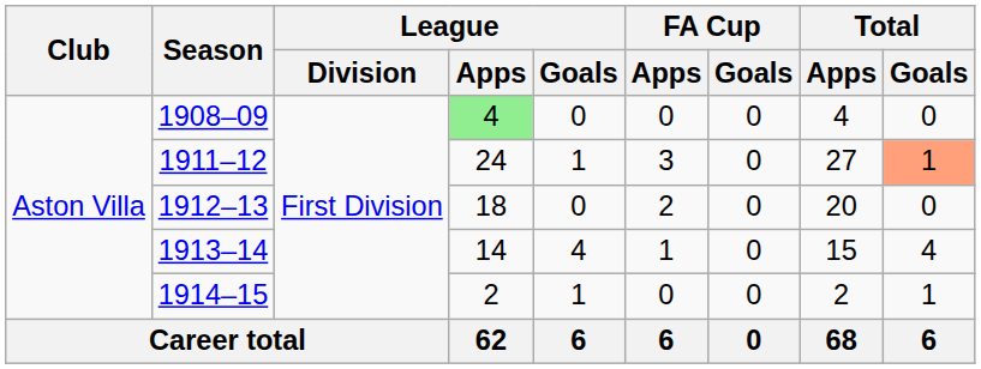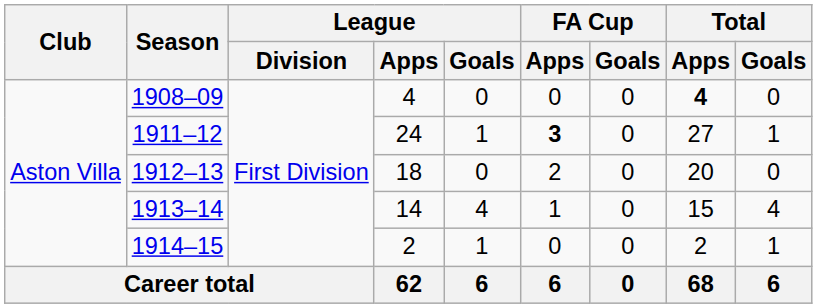 <table class="wikitable" style="text-align: center;">
 <tr>
 <th rowspan="2">Club</th>
 <th rowspan="2">Season</th>
 <th colspan="3">League</th>
 <th colspan="2">FA Cup</th>
 <th colspan="2">Total</th>
 </tr>
 <tr>
 <th>Division</th>
 <th>Apps</th>
 <th>Goals</th>
 <th>Apps</th>
 <th>Goals</th>
 <th>Apps</th>
 <th>Goals</th>
 </tr>
 <tr>
 <td rowspan="5"><a href='#'>Aston Villa</a></td>
 <td><a href='#'>1908–09</a></td>
 <td rowspan="5"><a href='#'>First Division</a></td>
-<td style="background: lightgreen;">4</td>
+<td>4</td>
 <td>0</td>
 <td>0</td>
 <td>0</td>
-<td>4</td>
+<td><strong>4</strong></td>
 <td>0</td>
 </tr>
 <tr>
 <td><a href='#'>1911–12</a></td>
 <td>24</td>
 <td>1</td>
-<td>3</td>
+<td><strong>3</strong></td>
 <td>0</td>
 <td>27</td>
-<td style="background: lightsalmon;">1</td>
+<td>1</td>
 </tr>
 <tr>
 <td><a href='#'>1912–13</a></td>
 <td>18</td>
 <td>0</td>
 <td>2</td>
 <td>0</td>
 <td>20</td>
 <td>0</td>
 </tr>
 <tr>
 <td><a href='#'>1913–14</a></td>
 <td>14</td>
 <td>4</td>
 <td>1</td>
 <td>0</td>
 <td>15</td>
 <td>4</td>
 </tr>
 <tr>
 <td><a href='#'>1914–15</a></td>
 <td>2</td>
 <td>1</td>
 <td>0</td>
 <td>0</td>
 <td>2</td>
 <td>1</td>
 </tr>
 <tr>
 <th colspan="3">Career total</th>
 <th>62</th>
 <th>6</th>
 <th>6</th>
 <th>0</th>
 <th>68</th>
 <th>6</th>
 </tr>
 </table>
